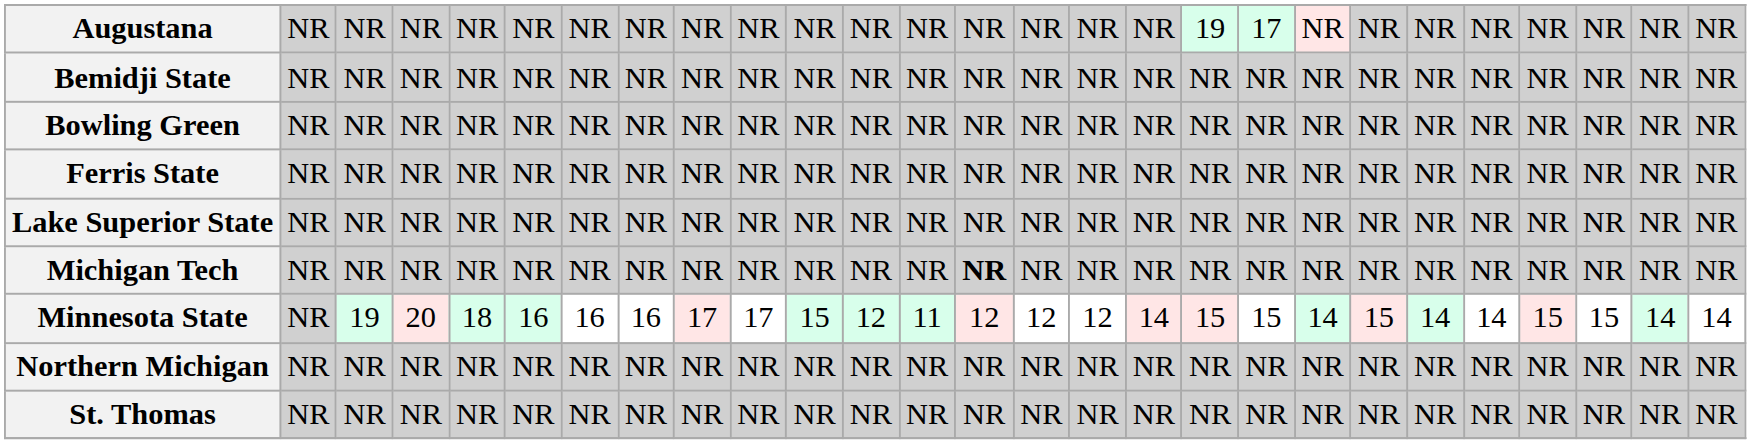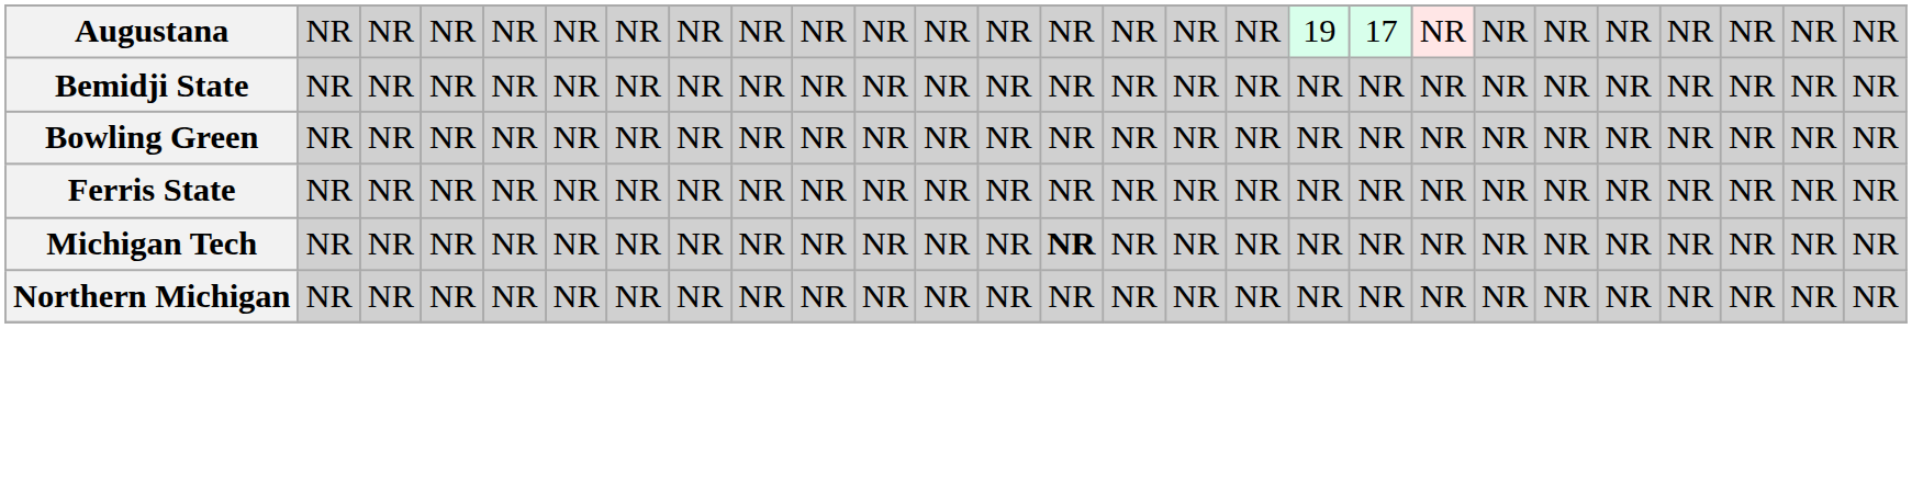 <table class="wikitable sortable" style="text-align: center;">
 <tr>
 </tr>
 <tr bgcolor=d0d0d0>
 <th>Augustana</th>
 <td>NR</td>
 <td>NR</td>
 <td>NR</td>
 <td>NR</td>
 <td>NR</td>
 <td>NR</td>
 <td>NR</td>
 <td>NR</td>
 <td>NR</td>
 <td>NR</td>
 <td>NR</td>
 <td>NR</td>
 <td>NR</td>
 <td>NR</td>
 <td>NR</td>
 <td>NR</td>
 <td bgcolor=D8FFEB>19</td>
 <td bgcolor=D8FFEB>17</td>
 <td bgcolor=FFE6E6>NR</td>
 <td>NR</td>
 <td>NR</td>
 <td>NR</td>
 <td>NR</td>
 <td>NR</td>
 <td>NR</td>
 <td>NR</td>
 </tr>
 <tr bgcolor=d0d0d0>
 <th>Bemidji State</th>
 <td>NR</td>
 <td>NR</td>
 <td>NR</td>
 <td>NR</td>
 <td>NR</td>
 <td>NR</td>
 <td>NR</td>
 <td>NR</td>
 <td>NR</td>
 <td>NR</td>
 <td>NR</td>
 <td>NR</td>
 <td>NR</td>
 <td>NR</td>
 <td>NR</td>
 <td>NR</td>
 <td>NR</td>
 <td>NR</td>
 <td>NR</td>
 <td>NR</td>
 <td>NR</td>
 <td>NR</td>
 <td>NR</td>
 <td>NR</td>
 <td>NR</td>
 <td>NR</td>
 </tr>
 <tr bgcolor=d0d0d0>
 <th>Bowling Green</th>
 <td>NR</td>
 <td>NR</td>
 <td>NR</td>
 <td>NR</td>
 <td>NR</td>
 <td>NR</td>
 <td>NR</td>
 <td>NR</td>
 <td>NR</td>
 <td>NR</td>
 <td>NR</td>
 <td>NR</td>
 <td>NR</td>
 <td>NR</td>
 <td>NR</td>
 <td>NR</td>
 <td>NR</td>
 <td>NR</td>
 <td>NR</td>
 <td>NR</td>
 <td>NR</td>
 <td>NR</td>
 <td>NR</td>
 <td>NR</td>
 <td>NR</td>
 <td>NR</td>
 </tr>
 <tr bgcolor=d0d0d0>
 <th>Ferris State</th>
 <td>NR</td>
 <td>NR</td>
 <td>NR</td>
 <td>NR</td>
 <td>NR</td>
 <td>NR</td>
 <td>NR</td>
 <td>NR</td>
 <td>NR</td>
 <td>NR</td>
 <td>NR</td>
 <td>NR</td>
 <td>NR</td>
 <td>NR</td>
 <td>NR</td>
 <td>NR</td>
 <td>NR</td>
 <td>NR</td>
 <td>NR</td>
 <td>NR</td>
 <td>NR</td>
 <td>NR</td>
 <td>NR</td>
 <td>NR</td>
 <td>NR</td>
 <td>NR</td>
 </tr>
 <tr bgcolor=d0d0d0>
-<th>Lake Superior State</th>
-<td>NR</td>
-<td>NR</td>
-<td>NR</td>
-<td>NR</td>
-<td>NR</td>
-<td>NR</td>
-<td>NR</td>
-<td>NR</td>
-<td>NR</td>
-<td>NR</td>
-<td>NR</td>
-<td>NR</td>
-<td>NR</td>
-<td>NR</td>
-<td>NR</td>
-<td>NR</td>
-<td>NR</td>
-<td>NR</td>
-<td>NR</td>
-<td>NR</td>
-<td>NR</td>
-<td>NR</td>
-<td>NR</td>
-<td>NR</td>
-<td>NR</td>
-<td>NR</td>
-</tr>
-<tr bgcolor=d0d0d0>
 <th>Michigan Tech</th>
 <td>NR</td>
 <td>NR</td>
 <td>NR</td>
 <td>NR</td>
 <td>NR</td>
 <td>NR</td>
 <td>NR</td>
 <td>NR</td>
 <td>NR</td>
 <td>NR</td>
 <td>NR</td>
 <td>NR</td>
 <td><strong>NR</strong></td>
 <td>NR</td>
 <td>NR</td>
 <td>NR</td>
 <td>NR</td>
 <td>NR</td>
 <td>NR</td>
 <td>NR</td>
 <td>NR</td>
 <td>NR</td>
 <td>NR</td>
 <td>NR</td>
 <td>NR</td>
 <td>NR</td>
-</tr>
-<tr bgcolor=d0d0d0>
-<th>Minnesota State</th>
-<td>NR</td>
-<td bgcolor=D8FFEB>19</td>
-<td bgcolor=FFE6E6>20</td>
-<td bgcolor=D8FFEB>18</td>
-<td bgcolor=D8FFEB>16</td>
-<td bgcolor=FFFFFF>16</td>
-<td bgcolor=FFFFFF>16</td>
-<td bgcolor=FFE6E6>17</td>
-<td bgcolor=FFFFFF>17</td>
-<td bgcolor=D8FFEB>15</td>
-<td bgcolor=D8FFEB>12</td>
-<td bgcolor=D8FFEB>11</td>
-<td bgcolor=FFE6E6>12</td>
-<td bgcolor=FFFFFF>12</td>
-<td bgcolor=FFFFFF>12</td>
-<td bgcolor=FFE6E6>14</td>
-<td bgcolor=FFE6E6>15</td>
-<td bgcolor=FFFFFF>15</td>
-<td bgcolor=D8FFEB>14</td>
-<td bgcolor=FFE6E6>15</td>
-<td bgcolor=D8FFEB>14</td>
-<td bgcolor=FFFFFF>14</td>
-<td bgcolor=FFE6E6>15</td>
-<td bgcolor=FFFFFF>15</td>
-<td bgcolor=D8FFEB>14</td>
-<td bgcolor=FFFFFF>14</td>
 </tr>
 <tr bgcolor=d0d0d0>
 <th>Northern Michigan</th>
 <td>NR</td>
 <td>NR</td>
 <td>NR</td>
 <td>NR</td>
 <td>NR</td>
 <td>NR</td>
 <td>NR</td>
 <td>NR</td>
 <td>NR</td>
 <td>NR</td>
 <td>NR</td>
 <td>NR</td>
 <td>NR</td>
 <td>NR</td>
 <td>NR</td>
 <td>NR</td>
 <td>NR</td>
 <td>NR</td>
 <td>NR</td>
 <td>NR</td>
 <td>NR</td>
 <td>NR</td>
 <td>NR</td>
 <td>NR</td>
 <td>NR</td>
 <td>NR</td>
 </tr>
-<tr bgcolor=d0d0d0>
-<th>St. Thomas</th>
-<td>NR</td>
-<td>NR</td>
-<td>NR</td>
-<td>NR</td>
-<td>NR</td>
-<td>NR</td>
-<td>NR</td>
-<td>NR</td>
-<td>NR</td>
-<td>NR</td>
-<td>NR</td>
-<td>NR</td>
-<td>NR</td>
-<td>NR</td>
-<td>NR</td>
-<td>NR</td>
-<td>NR</td>
-<td>NR</td>
-<td>NR</td>
-<td>NR</td>
-<td>NR</td>
-<td>NR</td>
-<td>NR</td>
-<td>NR</td>
-<td>NR</td>
-<td>NR</td>
-</tr>
 <tr>
 </tr>
 </table>
